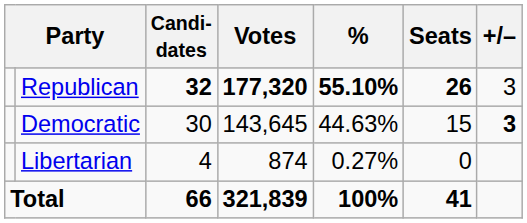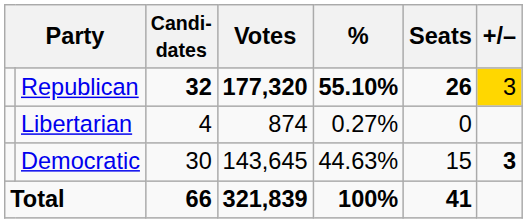 <table class="wikitable" style="font-size:100%; text-align:right;">
 <tr>
 <th colspan=2>Party</th>
 <th><small>Candi-<br>dates</small></th>
 <th>Votes</th>
 <th>%</th>
 <th>Seats</th>
 <th>+/–</th>
 </tr>
 <tr>
 <td style="background:"></td>
 <td align=left><a href='#'>Republican</a></td>
 <td><strong>32</strong></td>
 <td><strong>177,320</strong></td>
 <td><strong>55.10%</strong></td>
 <td><strong>26</strong></td>
-<td>3</td>
+<td style="background: gold;">3</td>
+</tr>
+<tr>
+<td style="background:"></td>
+<td align=left><a href='#'>Libertarian</a></td>
+<td>4</td>
+<td>874</td>
+<td>0.27%</td>
+<td>0</td>
+<td></td>
 </tr>
 <tr>
 <td style="background:"></td>
 <td align=left><a href='#'>Democratic</a></td>
 <td>30</td>
 <td>143,645</td>
 <td>44.63%</td>
 <td>15</td>
 <td><strong>3</strong></td>
 </tr>
-<tr>
-<td style="background:"></td>
-<td align=left><a href='#'>Libertarian</a></td>
-<td>4</td>
-<td>874</td>
-<td>0.27%</td>
-<td>0</td>
-<td></td>
-</tr>
 <tr style="font-weight:bold">
 <td colspan=2 align=left>Total</td>
 <td>66</td>
 <td>321,839</td>
 <td>100%</td>
 <td>41</td>
 <td></td>
 </tr>
 </table>
